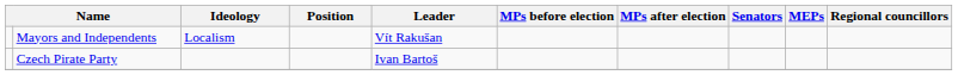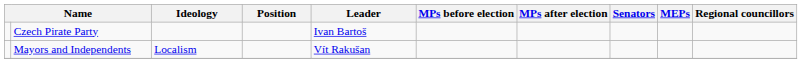 <table class="wikitable" style="font-size:100%;">
 <tr>
 <th colspan="2" style="width:200px">Name</th>
 <th style="width:120px">Ideology</th>
 <th style="width:90px">Position</th>
 <th style="width:140px">Leader</th>
 <th><a href='#'>MPs</a> before election</th>
 <th><a href='#'>MPs</a> after election</th>
 <th><a href='#'>Senators</a></th>
 <th><a href='#'>MEPs</a></th>
 <th>Regional councillors</th>
 </tr>
 <tr>
 <td style="width:2px;background:"></td>
+<td><a href='#'>Czech Pirate Party</a></td>
+<td></td>
+<td></td>
+<td><a href='#'>Ivan Bartoš</a></td>
+<td></td>
+<td></td>
+<td></td>
+<td></td>
+<td></td>
+</tr>
+<tr>
+<td style="width:2px;background:"></td>
 <td><a href='#'>Mayors and Independents</a></td>
 <td><a href='#'>Localism</a></td>
 <td></td>
 <td><a href='#'>Vít Rakušan</a></td>
 <td></td>
 <td></td>
 <td></td>
 <td></td>
 <td></td>
 </tr>
 <tr>
-<td style="width:2px;background:"></td>
-<td><a href='#'>Czech Pirate Party</a></td>
-<td></td>
-<td></td>
-<td><a href='#'>Ivan Bartoš</a></td>
-<td></td>
-<td></td>
-<td></td>
-<td></td>
-<td></td>
-</tr>
-<tr>
 </tr>
 </table>
